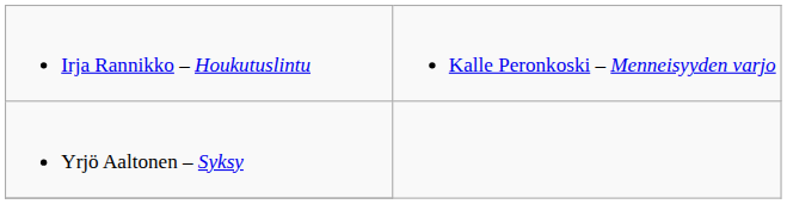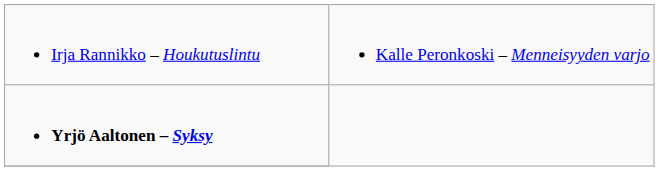 <table class=wikitable>
 <tr>
 <td valign="top"  width="50%"><br><ul><li><a href='#'>Irja Rannikko</a> – <em><a href='#'>Houkutuslintu</a></em></li></ul></td>
 <td valign="top"><br><ul><li><a href='#'>Kalle Peronkoski</a> – <em><a href='#'>Menneisyyden varjo</a></em></li></ul></td>
 </tr>
 <tr>
-<td valign="top"><br><ul><li>Yrjö Aaltonen – <em><a href='#'>Syksy</a></em></li></ul></td>
+<td valign="top"><strong><br><ul><li>Yrjö Aaltonen – <em><a href='#'>Syksy</a></em></li></ul></strong></td>
 </tr>
 <tr>
 </tr>
 </table>
